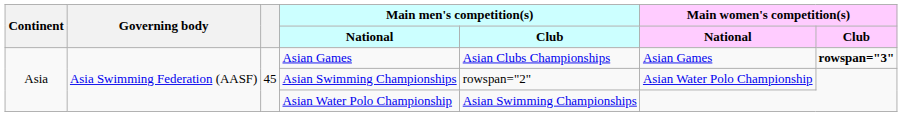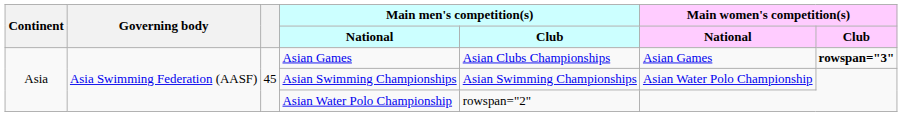 <table class="wikitable" style="text-align: left; font-size: 90%; margin-left: 1em;">
 <tr>
 <th rowspan="2">Continent</th>
 <th rowspan="2">Governing body</th>
 <th rowspan="2"></th>
 <th colspan="2" style="background-color: #ccffff;">Main men's competition(s)</th>
 <th colspan="2" style="background-color: #ffccff;">Main women's competition(s)</th>
 </tr>
 <tr>
 <th style="background-color: #ccffff;">National</th>
 <th style="background-color: #ccffff;">Club</th>
 <th style="background-color: #ffccff;">National</th>
 <th style="background-color: #ffccff;">Club</th>
 </tr>
 <tr>
 <td rowspan="3" style="text-align: center;">Asia</td>
 <td rowspan="3"><a href='#'>Asia Swimming Federation</a> (AASF)</td>
 <td rowspan="3" style="text-align: center;">45</td>
 <td><a href='#'>Asian Games</a></td>
 <td><a href='#'>Asian Clubs Championships</a></td>
 <td><a href='#'>Asian Games</a></td>
 <td><strong>rowspan="3" </strong></td>
 </tr>
 <tr>
 <td><a href='#'>Asian Swimming Championships</a></td>
-<td>rowspan="2" </td>
+<td><a href='#'>Asian Swimming Championships</a></td>
 <td><a href='#'>Asian Water Polo Championship</a></td>
 </tr>
 <tr>
 <td><a href='#'>Asian Water Polo Championship</a></td>
-<td><a href='#'>Asian Swimming Championships</a></td>
+<td>rowspan="2" </td>
 </tr>
 </table>
